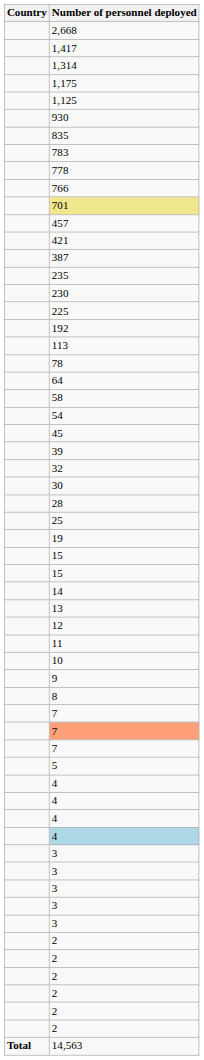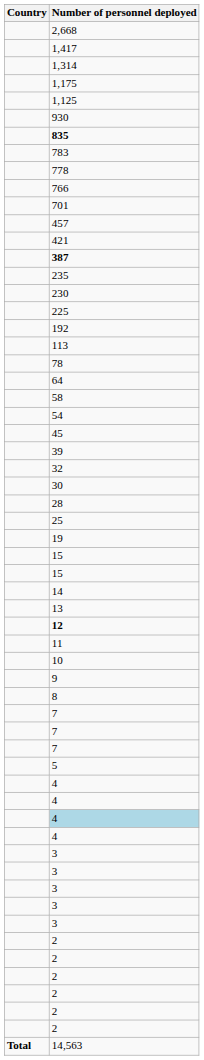 <table class="wikitable sortable">
 <tr>
 <th>Country</th>
 <th>Number of personnel deployed</th>
 </tr>
 <tr>
 <td></td>
 <td>2,668</td>
 </tr>
 <tr>
 <td></td>
 <td>1,417</td>
 </tr>
 <tr>
 <td></td>
 <td>1,314</td>
 </tr>
 <tr>
 <td></td>
 <td>1,175</td>
 </tr>
 <tr>
 <td></td>
 <td>1,125</td>
 </tr>
 <tr>
 <td></td>
 <td>930</td>
 </tr>
 <tr>
 <td></td>
-<td>835</td>
+<td><strong>835</strong></td>
 </tr>
 <tr>
 <td></td>
 <td>783</td>
 </tr>
 <tr>
 <td></td>
 <td>778</td>
 </tr>
 <tr>
 <td></td>
 <td>766</td>
 </tr>
 <tr>
 <td></td>
-<td style="background: khaki;">701</td>
+<td>701</td>
 </tr>
 <tr>
 <td></td>
 <td>457</td>
 </tr>
 <tr>
 <td></td>
 <td>421</td>
 </tr>
 <tr>
 <td></td>
-<td>387</td>
+<td><strong>387</strong></td>
 </tr>
 <tr>
 <td></td>
 <td>235</td>
 </tr>
 <tr>
 <td></td>
 <td>230</td>
 </tr>
 <tr>
 <td></td>
 <td>225</td>
 </tr>
 <tr>
 <td></td>
 <td>192</td>
 </tr>
 <tr>
 <td></td>
 <td>113</td>
 </tr>
 <tr>
 <td></td>
 <td>78</td>
 </tr>
 <tr>
 <td></td>
 <td>64</td>
 </tr>
 <tr>
 <td></td>
 <td>58</td>
 </tr>
 <tr>
 <td></td>
 <td>54</td>
 </tr>
 <tr>
 <td></td>
 <td>45</td>
 </tr>
 <tr>
 <td></td>
 <td>39</td>
 </tr>
 <tr>
 <td></td>
 <td>32</td>
 </tr>
 <tr>
 <td></td>
 <td>30</td>
 </tr>
 <tr>
 <td></td>
 <td>28</td>
 </tr>
 <tr>
 <td></td>
 <td>25</td>
 </tr>
 <tr>
 <td></td>
 <td>19</td>
 </tr>
 <tr>
 <td></td>
 <td>15</td>
 </tr>
 <tr>
 <td></td>
 <td>15</td>
 </tr>
 <tr>
 <td></td>
 <td>14</td>
 </tr>
 <tr>
 <td></td>
 <td>13</td>
 </tr>
 <tr>
 <td></td>
-<td>12</td>
+<td><strong>12</strong></td>
 </tr>
 <tr>
 <td></td>
 <td>11</td>
 </tr>
 <tr>
 <td></td>
 <td>10</td>
 </tr>
 <tr>
 <td></td>
 <td>9</td>
 </tr>
 <tr>
 <td></td>
 <td>8</td>
 </tr>
 <tr>
 <td></td>
 <td>7</td>
 </tr>
 <tr>
 <td></td>
-<td style="background: lightsalmon;">7</td>
+<td>7</td>
 </tr>
 <tr>
 <td></td>
 <td>7</td>
 </tr>
 <tr>
 <td></td>
 <td>5</td>
 </tr>
 <tr>
 <td></td>
 <td>4</td>
 </tr>
 <tr>
 <td></td>
 <td>4</td>
 </tr>
 <tr>
 <td></td>
-<td>4</td>
+<td style="background: lightblue;">4</td>
 </tr>
 <tr>
 <td></td>
-<td style="background: lightblue;">4</td>
+<td>4</td>
 </tr>
 <tr>
 <td></td>
 <td>3</td>
 </tr>
 <tr>
 <td></td>
 <td>3</td>
 </tr>
 <tr>
 <td></td>
 <td>3</td>
 </tr>
 <tr>
 <td></td>
 <td>3</td>
 </tr>
 <tr>
 <td></td>
 <td>3</td>
 </tr>
 <tr>
 <td></td>
 <td>2</td>
 </tr>
 <tr>
 <td></td>
 <td>2</td>
 </tr>
 <tr>
 <td></td>
 <td>2</td>
 </tr>
 <tr>
 <td></td>
 <td>2</td>
 </tr>
 <tr>
 <td></td>
 <td>2</td>
 </tr>
 <tr>
 <td></td>
 <td>2</td>
 </tr>
 <tr>
 <td><strong>Total</strong></td>
 <td>14,563</td>
 </tr>
 </table>
